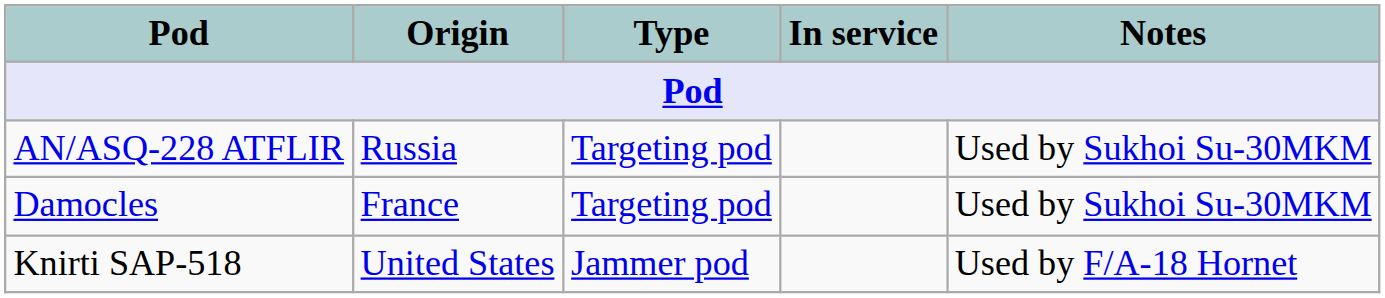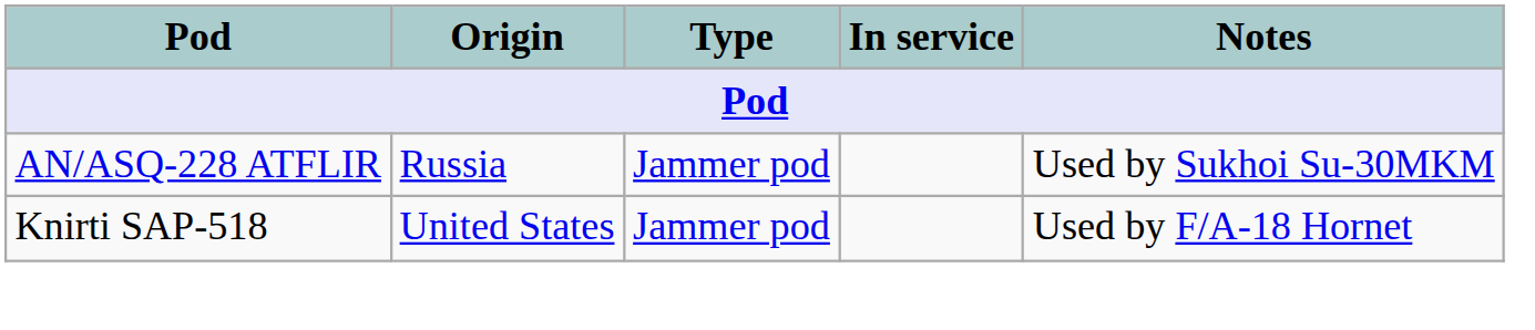 <table class="wikitable">
 <tr>
 <th style="text-align:center; background:#acc;">Pod</th>
 <th style="text-align: center; background:#acc;">Origin</th>
 <th style="text-align:l center; background:#acc;">Type</th>
 <th style="text-align:l center; background:#acc;">In service</th>
 <th style="text-align: center; background:#acc;">Notes</th>
 </tr>
 <tr>
 <th colspan="5" style="align: center; background: lavender;"><a href='#'>Pod</a></th>
 </tr>
 <tr>
 <td><a href='#'>AN/ASQ-228 ATFLIR</a></td>
 <td><a href='#'>Russia</a></td>
-<td><a href='#'>Targeting pod</a></td>
-<td></td>
-<td>Used by <a href='#'>Sukhoi Su-30MKM</a></td>
-</tr>
-<tr>
-<td><a href='#'>Damocles</a></td>
-<td><a href='#'>France</a></td>
-<td><a href='#'>Targeting pod</a></td>
+<td><a href='#'>Jammer pod</a></td>
 <td></td>
 <td>Used by <a href='#'>Sukhoi Su-30MKM</a></td>
 </tr>
 <tr>
 <td>Knirti SAP-518</td>
 <td><a href='#'>United States</a></td>
 <td><a href='#'>Jammer pod</a></td>
 <td></td>
 <td>Used by <a href='#'>F/A-18 Hornet</a></td>
 </tr>
 </table>
